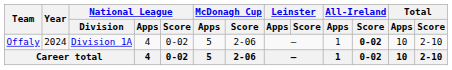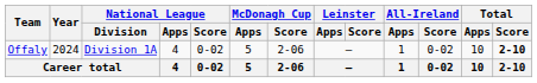 <table class="wikitable" style="text-align:center">
 <tr>
 <th rowspan="2">Team</th>
 <th rowspan="2">Year</th>
 <th colspan="3"><a href='#'>National League</a></th>
 <th colspan="2"><a href='#'>McDonagh Cup</a></th>
 <th colspan="2"><a href='#'>Leinster</a></th>
 <th colspan="2"><a href='#'>All-Ireland</a></th>
 <th colspan="2">Total</th>
 </tr>
 <tr>
 <th>Division</th>
 <th>Apps</th>
 <th>Score</th>
 <th>Apps</th>
 <th>Score</th>
 <th>Apps</th>
 <th>Score</th>
 <th>Apps</th>
 <th>Score</th>
 <th>Apps</th>
 <th>Score</th>
 </tr>
 <tr>
 <td rowspan="1"><a href='#'>Offaly</a></td>
 <td>2024</td>
 <td rowspan="1"><a href='#'>Division 1A</a></td>
 <td>4</td>
 <td>0-02</td>
 <td>5</td>
 <td>2-06</td>
 <td colspan=2>—</td>
 <td>1</td>
-<td><strong>0-02</strong></td>
+<td>0-02</td>
 <td>10</td>
-<td>2-10</td>
+<td><strong>2-10</strong></td>
 </tr>
 <tr>
 <th colspan="3">Career total</th>
 <th>4</th>
 <th>0-02</th>
 <th>5</th>
 <th>2-06</th>
 <th colspan=2>—</th>
 <th>1</th>
 <th>0-02</th>
 <th>10</th>
 <th>2-10</th>
 </tr>
 </table>
